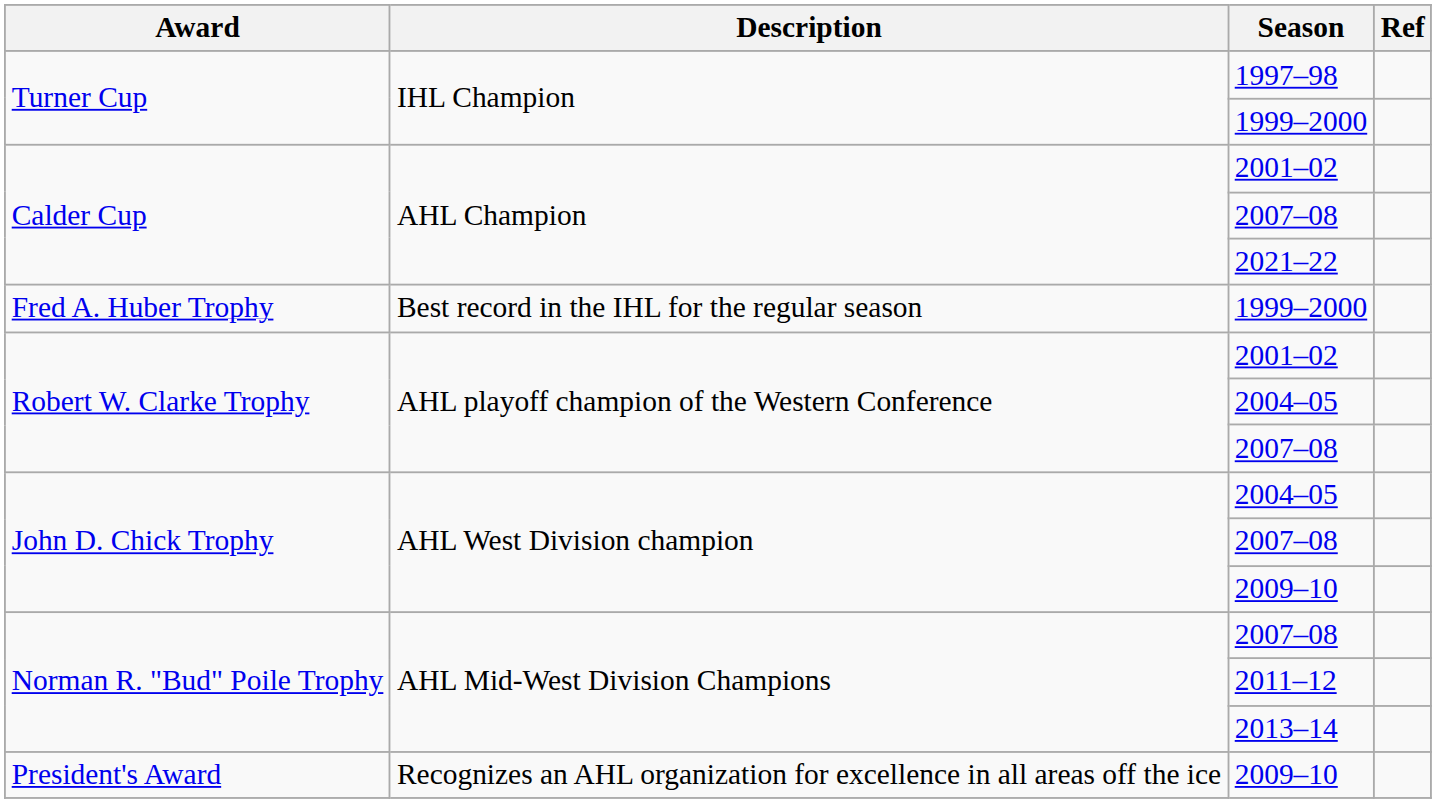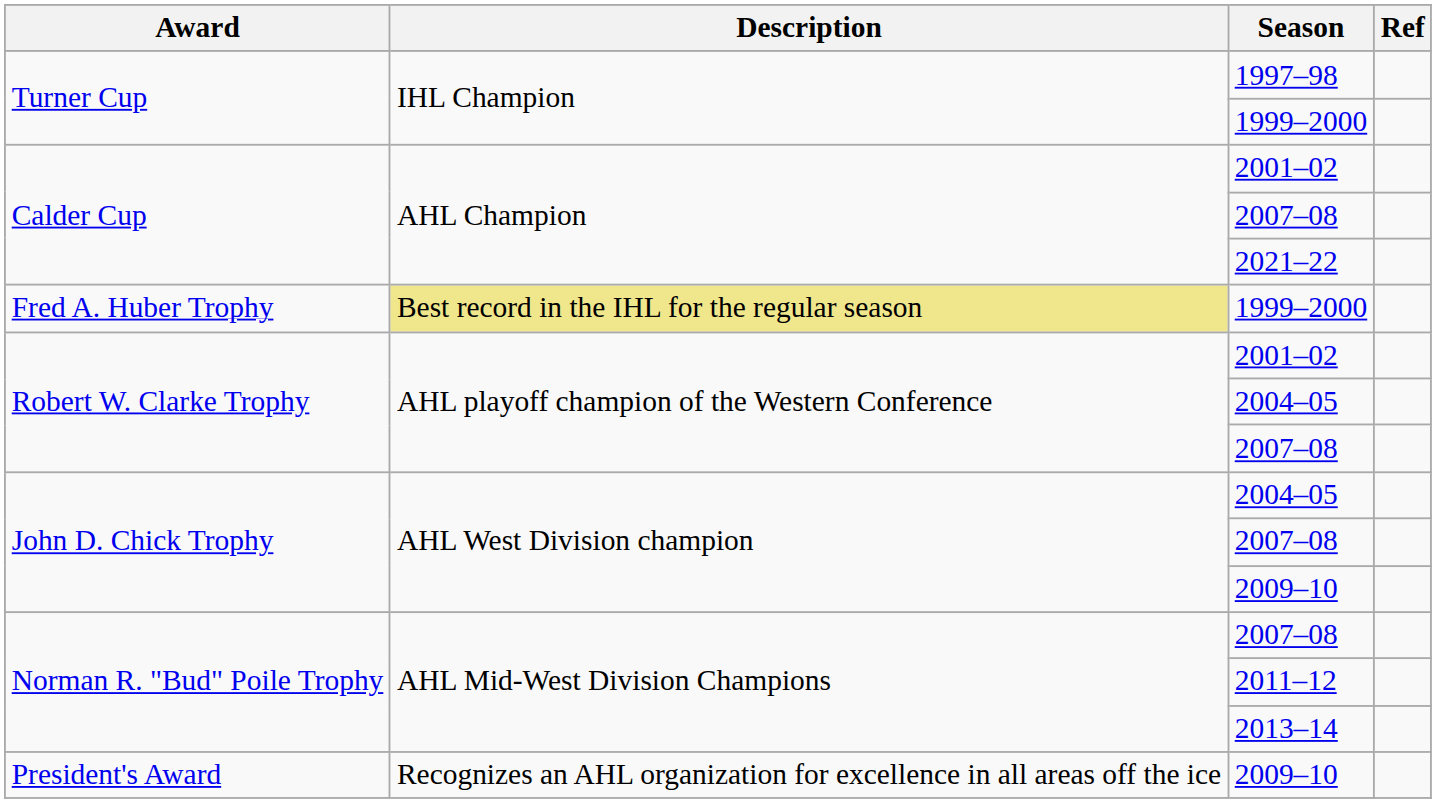 <table class="wikitable sortable">
 <tr>
 <th scope="col">Award</th>
 <th scope="col" class="unsortable">Description</th>
 <th scope="col">Season</th>
 <th scope="col" class="unsortable">Ref</th>
 </tr>
 <tr>
 <td scope=row rowspan="2"><a href='#'>Turner Cup</a></td>
 <td rowspan="2">IHL Champion</td>
 <td><a href='#'>1997–98</a></td>
 <td></td>
 </tr>
 <tr>
 <td><a href='#'>1999–2000</a></td>
 <td></td>
 </tr>
 <tr>
 <td scope=row rowspan="3"><a href='#'>Calder Cup</a></td>
 <td rowspan="3">AHL Champion</td>
 <td><a href='#'>2001–02</a></td>
 <td></td>
 </tr>
 <tr>
 <td><a href='#'>2007–08</a></td>
 <td></td>
 </tr>
 <tr>
 <td><a href='#'>2021–22</a></td>
 <td></td>
 </tr>
 <tr>
 <td scope=row><a href='#'>Fred A. Huber Trophy</a></td>
-<td>Best record in the IHL for the regular season</td>
+<td style="background: khaki;">Best record in the IHL for the regular season</td>
 <td><a href='#'>1999–2000</a></td>
 <td></td>
 </tr>
 <tr>
 <td scope=row rowspan="3"><a href='#'>Robert W. Clarke Trophy</a></td>
 <td rowspan="3">AHL playoff champion of the Western Conference</td>
 <td><a href='#'>2001–02</a></td>
 <td></td>
 </tr>
 <tr>
 <td><a href='#'>2004–05</a></td>
 <td></td>
 </tr>
 <tr>
 <td><a href='#'>2007–08</a></td>
 <td></td>
 </tr>
 <tr>
 <td scope=row rowspan="3"><a href='#'>John D. Chick Trophy</a></td>
 <td rowspan="3">AHL West Division champion</td>
 <td><a href='#'>2004–05</a></td>
 <td></td>
 </tr>
 <tr>
 <td><a href='#'>2007–08</a></td>
 <td></td>
 </tr>
 <tr>
 <td><a href='#'>2009–10</a></td>
 <td></td>
 </tr>
 <tr>
 <td scope=row rowspan="3"><a href='#'>Norman R. "Bud" Poile Trophy</a></td>
 <td rowspan="3">AHL Mid-West Division Champions</td>
 <td><a href='#'>2007–08</a></td>
 <td></td>
 </tr>
 <tr>
 <td><a href='#'>2011–12</a></td>
 <td></td>
 </tr>
 <tr>
 <td><a href='#'>2013–14</a></td>
 <td></td>
 </tr>
 <tr>
 <td scope=row><a href='#'>President's Award</a></td>
 <td>Recognizes an AHL organization for excellence in all areas off the ice</td>
 <td><a href='#'>2009–10</a></td>
 <td></td>
 </tr>
 </table>
